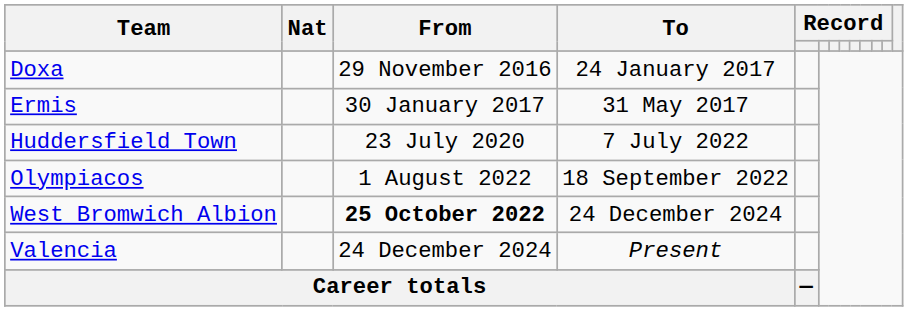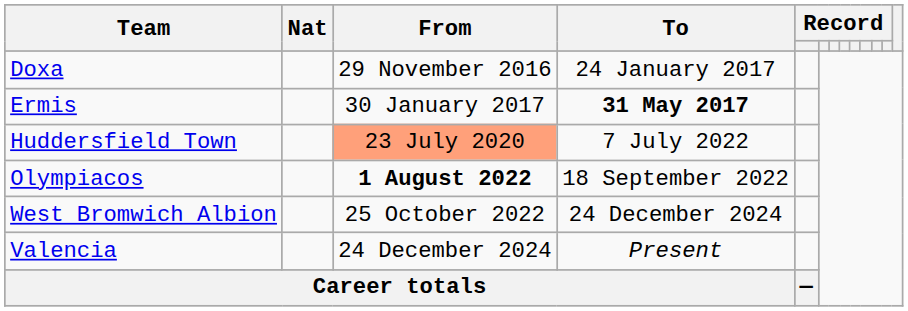 <table class="wikitable" style="text-align: center">
 <tr>
 <th rowspan=2>Team</th>
 <th rowspan=2>Nat</th>
 <th rowspan=2>From</th>
 <th rowspan=2>To</th>
 <th colspan=8>Record</th>
 <th rowspan=2></th>
 </tr>
 <tr>
 <th></th>
 <th></th>
 <th></th>
 <th></th>
 <th></th>
 <th></th>
 <th></th>
 <th></th>
 </tr>
 <tr>
 <td align=left><a href='#'>Doxa</a></td>
 <td></td>
 <td>29 November 2016</td>
 <td>24 January 2017<br></td>
 <td></td>
 </tr>
 <tr>
 <td align=left><a href='#'>Ermis</a></td>
 <td></td>
 <td>30 January 2017</td>
-<td>31 May 2017<br></td>
+<td><strong>31 May 2017<br></strong></td>
 <td></td>
 </tr>
 <tr>
 <td align=left><a href='#'>Huddersfield Town</a></td>
 <td></td>
-<td>23 July 2020</td>
+<td style="background: lightsalmon;">23 July 2020</td>
 <td>7 July 2022<br></td>
 <td></td>
 </tr>
 <tr>
 <td align=left><a href='#'>Olympiacos</a></td>
 <td></td>
-<td>1 August 2022</td>
+<td><strong>1 August 2022</strong></td>
 <td>18 September 2022<br></td>
 <td></td>
 </tr>
 <tr>
 <td align=left><a href='#'>West Bromwich Albion</a></td>
 <td></td>
-<td><strong>25 October 2022</strong></td>
+<td>25 October 2022</td>
 <td>24 December 2024<br></td>
 <td></td>
 </tr>
 <tr>
 <td align=left><a href='#'>Valencia</a></td>
 <td></td>
 <td>24 December 2024</td>
 <td><em>Present</em><br></td>
 <td></td>
 </tr>
 <tr>
 <th colspan=4>Career totals<br></th>
 <th>—</th>
 </tr>
 </table>
